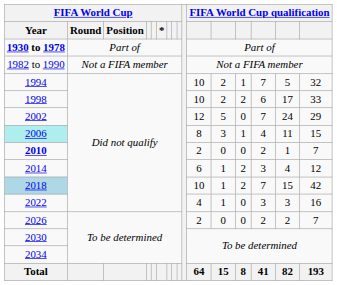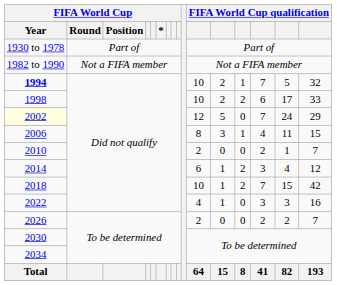 <table class="wikitable" style="text-align: center;">
 <tr>
 <th colspan=9><a href='#'>FIFA World Cup</a></th>
 <th rowspan=28></th>
 <th colspan=6><a href='#'>FIFA World Cup qualification</a></th>
 </tr>
 <tr>
 <th>Year</th>
 <th>Round</th>
 <th>Position</th>
 <th></th>
 <th></th>
 <th>*</th>
 <th></th>
 <th></th>
 <th></th>
 <th></th>
 <th></th>
 <th></th>
 <th></th>
 <th></th>
 <th></th>
 </tr>
 <tr>
-<td><strong><a href='#'>1930</a> to <a href='#'>1978</a></strong></td>
+<td><a href='#'>1930</a> to <a href='#'>1978</a></td>
 <td colspan=8><em>Part of </em></td>
 <td colspan=6><em>Part of </em></td>
 </tr>
 <tr>
 <td><a href='#'>1982</a> to <a href='#'>1990</a></td>
 <td colspan=8><em>Not a FIFA member</em></td>
 <td colspan=6><em>Not a FIFA member</em></td>
 </tr>
 <tr>
-<td> <a href='#'>1994</a></td>
+<td><strong> <a href='#'>1994</a></strong></td>
 <td colspan=8 rowspan=8><em>Did not qualify</em></td>
 <td>10</td>
 <td>2</td>
 <td>1</td>
 <td>7</td>
 <td>5</td>
 <td>32</td>
 </tr>
 <tr>
 <td> <a href='#'>1998</a></td>
 <td>10</td>
 <td>2</td>
 <td>2</td>
 <td>6</td>
 <td>17</td>
 <td>33</td>
 </tr>
 <tr>
-<td>  <a href='#'>2002</a></td>
+<td style="background: lightyellow;">  <a href='#'>2002</a></td>
 <td>12</td>
 <td>5</td>
 <td>0</td>
 <td>7</td>
 <td>24</td>
 <td>29</td>
 </tr>
 <tr>
-<td style="background: paleturquoise;"> <a href='#'>2006</a></td>
+<td> <a href='#'>2006</a></td>
 <td>8</td>
 <td>3</td>
 <td>1</td>
 <td>4</td>
 <td>11</td>
 <td>15</td>
 </tr>
 <tr>
-<td><strong> <a href='#'>2010</a></strong></td>
+<td> <a href='#'>2010</a></td>
 <td>2</td>
 <td>0</td>
 <td>0</td>
 <td>2</td>
 <td>1</td>
 <td>7</td>
 </tr>
 <tr>
 <td> <a href='#'>2014</a></td>
 <td>6</td>
 <td>1</td>
 <td>2</td>
 <td>3</td>
 <td>4</td>
 <td>12</td>
 </tr>
 <tr>
-<td style="background: lightblue;"> <a href='#'>2018</a></td>
+<td> <a href='#'>2018</a></td>
 <td>10</td>
 <td>1</td>
 <td>2</td>
 <td>7</td>
 <td>15</td>
 <td>42</td>
 </tr>
 <tr>
 <td> <a href='#'>2022</a></td>
 <td>4</td>
 <td>1</td>
 <td>0</td>
 <td>3</td>
 <td>3</td>
 <td>16</td>
 </tr>
 <tr>
 <td>   <a href='#'>2026</a></td>
 <td colspan=8 rowspan=3><em>To be determined</em></td>
 <td>2</td>
 <td>0</td>
 <td>0</td>
 <td>2</td>
 <td>2</td>
 <td>7</td>
 </tr>
 <tr>
 <td>   <a href='#'>2030</a></td>
 <td colspan=6 rowspan=2><em>To be determined</em></td>
 </tr>
 <tr>
 <td> <a href='#'>2034</a></td>
 </tr>
 <tr>
 <th>Total</th>
 <th></th>
 <th></th>
 <th></th>
 <th></th>
 <th></th>
 <th></th>
 <th></th>
 <th></th>
 <th>64</th>
 <th>15</th>
 <th>8</th>
 <th>41</th>
 <th>82</th>
 <th>193</th>
 </tr>
 </table>
